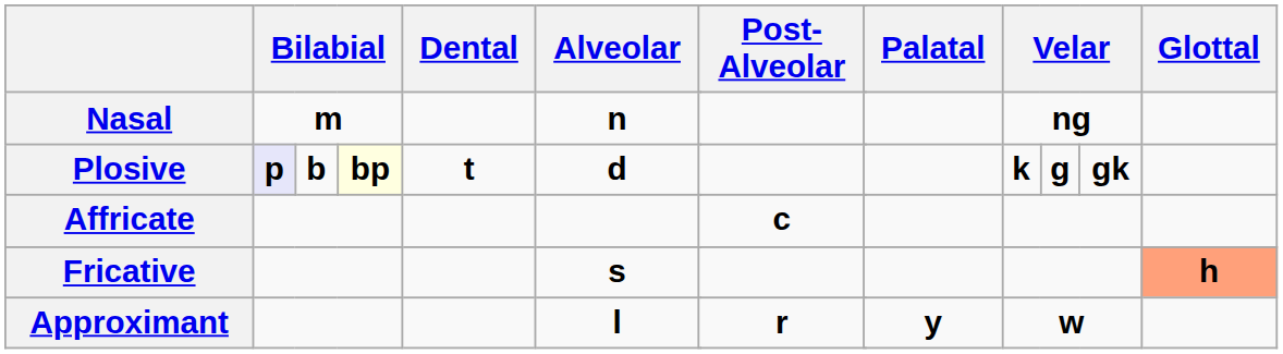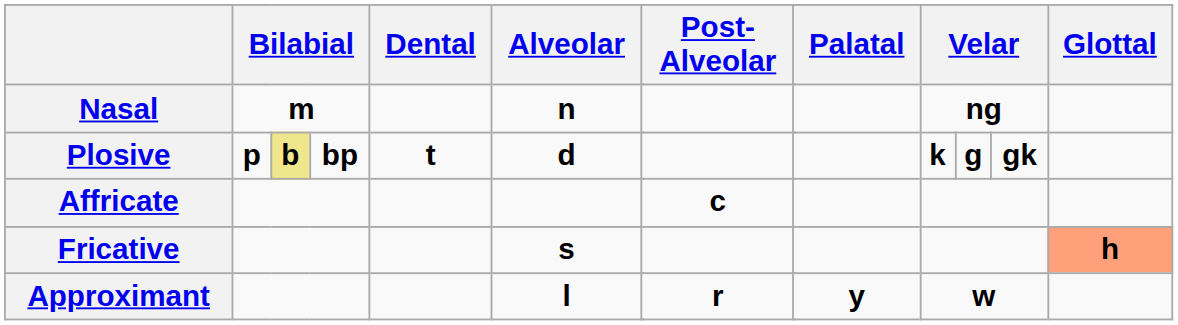 <table class="wikitable" style="margin:autmargin:auto; text-align:center" width="50%">
 <tr>
 <th></th>
 <th colspan="3"><a href='#'>Bilabial</a></th>
 <th colspan="3"><a href='#'>Dental</a></th>
 <th colspan="3"><a href='#'>Alveolar</a></th>
 <th colspan="3"><a href='#'>Post-<br>Alveolar</a></th>
 <th colspan="2"><a href='#'>Palatal</a></th>
 <th colspan="3"><a href='#'>Velar</a></th>
 <th><a href='#'>Glottal</a></th>
 </tr>
 <tr align="center">
 <th><a href='#'>Nasal</a></th>
 <td colspan="3"><strong>m</strong> </td>
 <td colspan="3"></td>
 <td colspan="3"><strong>n</strong> </td>
 <td colspan="3"></td>
 <td colspan="2"></td>
 <td colspan="3"><strong>ng</strong> </td>
 <td></td>
 </tr>
 <tr align="center">
 <th><a href='#'>Plosive</a></th>
-<td style="background: lavender;"><strong>p</strong> </td>
-<td><strong>b</strong> </td>
-<td style="background: lightyellow;"><strong>bp</strong> </td>
+<td><strong>p</strong> </td>
+<td style="background: khaki;"><strong>b</strong> </td>
+<td><strong>bp</strong> </td>
 <td colspan="3"><strong>t</strong> </td>
 <td colspan="3"><strong>d</strong> </td>
 <td colspan="3"></td>
 <td colspan="2"></td>
 <td><strong>k</strong> </td>
 <td><strong>g</strong> </td>
 <td><strong>gk</strong> </td>
 <td></td>
 </tr>
 <tr align="center">
 <th><a href='#'>Affricate</a></th>
 <td colspan="3"></td>
 <td colspan="3"></td>
 <td colspan="3"></td>
 <td colspan="3"><strong>c</strong> </td>
 <td colspan="2"></td>
 <td colspan="3"></td>
 <td></td>
 </tr>
 <tr align="center">
 <th><a href='#'>Fricative</a></th>
 <td colspan="3"></td>
 <td colspan="3"></td>
 <td colspan="3"><strong>s</strong> </td>
 <td colspan="3"></td>
 <td colspan="2"></td>
 <td colspan="3"></td>
 <td style="background: lightsalmon;"><strong>h</strong> </td>
 </tr>
 <tr align="center">
 <th><a href='#'>Approximant</a></th>
 <td colspan="3"></td>
 <td colspan="3"></td>
 <td colspan="3"><strong>l</strong> </td>
 <td colspan="3"><strong>r</strong> </td>
 <td colspan="2"><strong>y</strong> </td>
 <td colspan="3"><strong>w</strong> </td>
 <td></td>
 </tr>
 </table>
